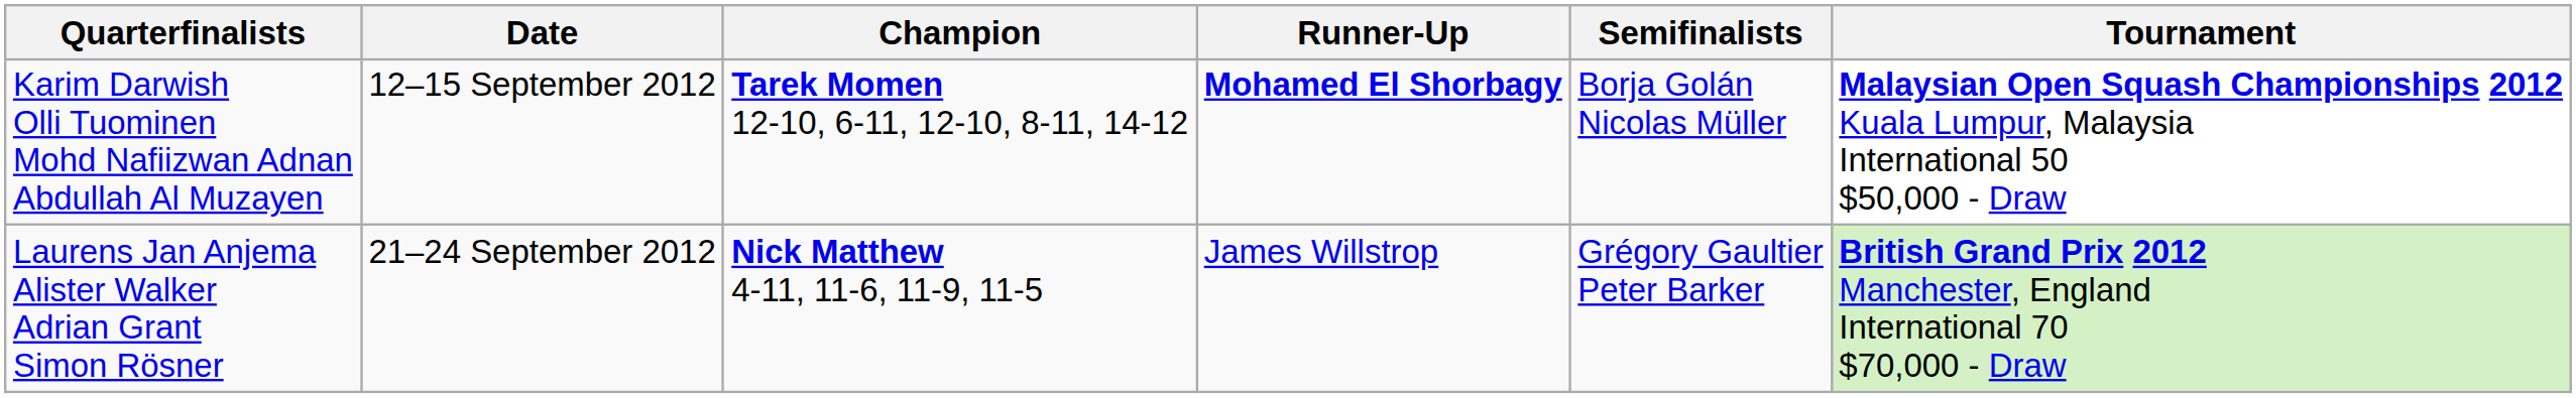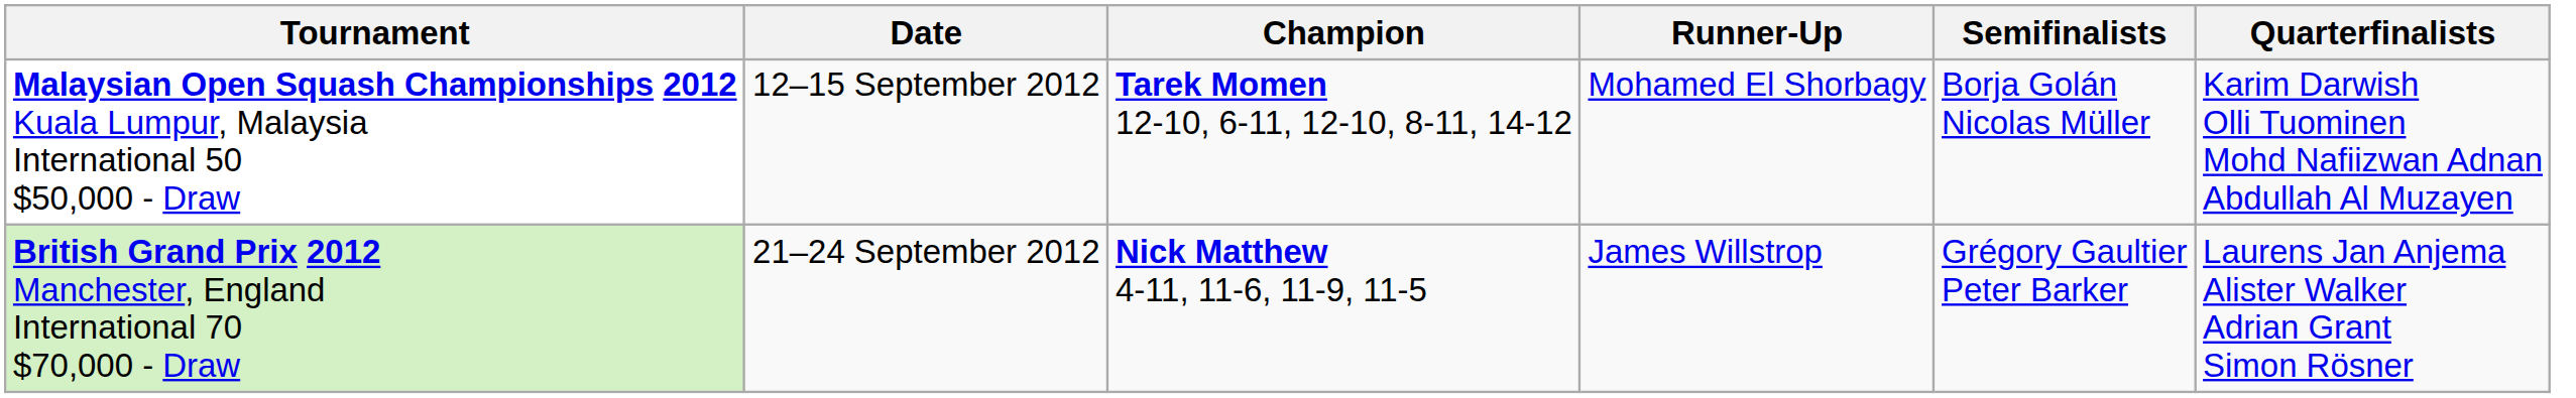 <table class="wikitable" style="font-size:88%">
 <tr>
-<th>Quarterfinalists</th>
+<th>Tournament</th>
 <th>Date</th>
 <th>Champion</th>
 <th>Runner-Up</th>
 <th>Semifinalists</th>
-<th>Tournament</th>
+<th>Quarterfinalists</th>
 </tr>
 <tr valign=top>
-<td> <a href='#'>Karim Darwish</a><br> <a href='#'>Olli Tuominen</a><br> <a href='#'>Mohd Nafiizwan Adnan</a><br> <a href='#'>Abdullah Al Muzayen</a></td>
+<td style="background:#fff"><strong><a href='#'>Malaysian Open Squash Championships</a> <a href='#'>2012</a></strong><br> <a href='#'>Kuala Lumpur</a>, Malaysia<br>International 50<br>$50,000 - <a href='#'>Draw</a></td>
 <td>12–15 September 2012</td>
 <td> <strong><a href='#'>Tarek Momen</a></strong><br>12-10, 6-11, 12-10, 8-11, 14-12</td>
-<td><strong> <a href='#'>Mohamed El Shorbagy</a></strong></td>
+<td> <a href='#'>Mohamed El Shorbagy</a></td>
 <td> <a href='#'>Borja Golán</a><br> <a href='#'>Nicolas Müller</a></td>
-<td style="background:#fff"><strong><a href='#'>Malaysian Open Squash Championships</a> <a href='#'>2012</a></strong><br> <a href='#'>Kuala Lumpur</a>, Malaysia<br>International 50<br>$50,000 - <a href='#'>Draw</a></td>
+<td> <a href='#'>Karim Darwish</a><br> <a href='#'>Olli Tuominen</a><br> <a href='#'>Mohd Nafiizwan Adnan</a><br> <a href='#'>Abdullah Al Muzayen</a></td>
 </tr>
 <tr valign=top>
-<td> <a href='#'>Laurens Jan Anjema</a><br> <a href='#'>Alister Walker</a><br> <a href='#'>Adrian Grant</a><br> <a href='#'>Simon Rösner</a></td>
+<td style="background:#D4F1C5;"><strong><a href='#'>British Grand Prix</a> <a href='#'>2012</a></strong><br> <a href='#'>Manchester</a>, England<br>International 70<br>$70,000 - <a href='#'>Draw</a></td>
 <td>21–24 September 2012</td>
 <td> <strong><a href='#'>Nick Matthew</a></strong><br>4-11, 11-6, 11-9, 11-5</td>
 <td> <a href='#'>James Willstrop</a></td>
 <td> <a href='#'>Grégory Gaultier</a><br> <a href='#'>Peter Barker</a></td>
-<td style="background:#D4F1C5;"><strong><a href='#'>British Grand Prix</a> <a href='#'>2012</a></strong><br> <a href='#'>Manchester</a>, England<br>International 70<br>$70,000 - <a href='#'>Draw</a></td>
+<td> <a href='#'>Laurens Jan Anjema</a><br> <a href='#'>Alister Walker</a><br> <a href='#'>Adrian Grant</a><br> <a href='#'>Simon Rösner</a></td>
 </tr>
 </table>
